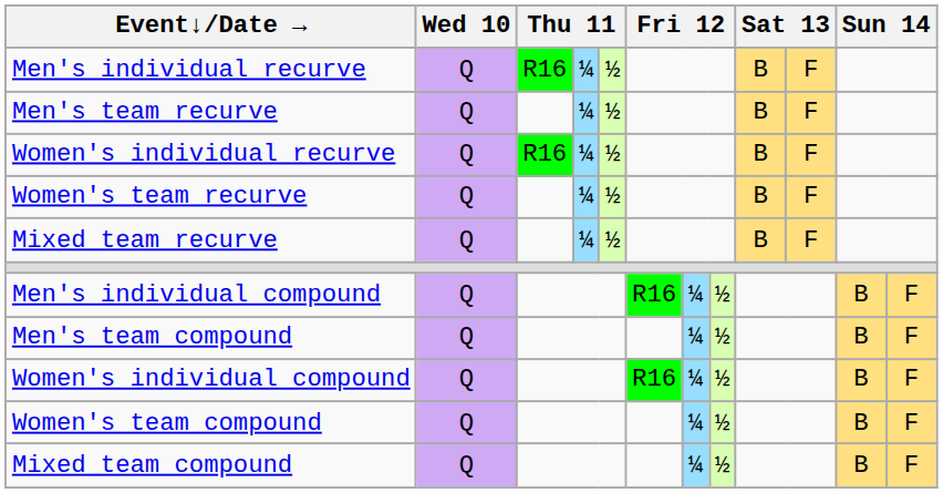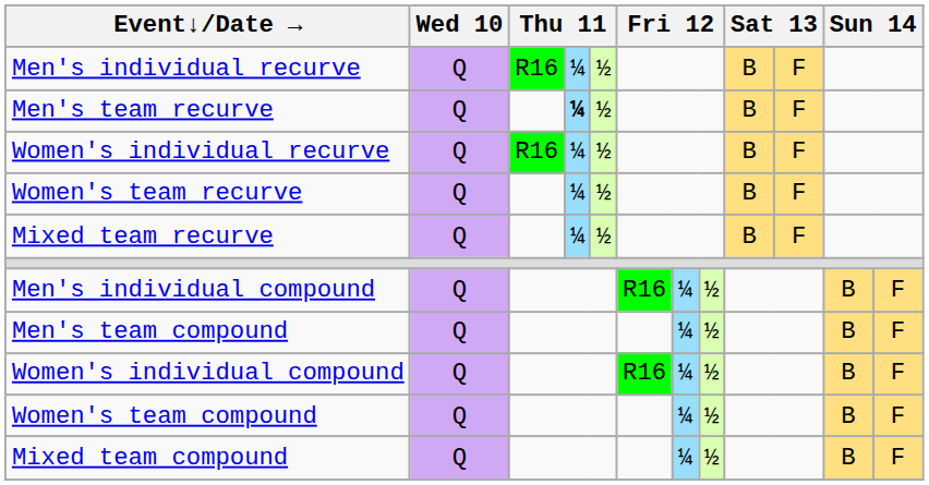 <table class="wikitable" style="margin:0.5em auto; font-size:90%; line-height:1.25em;">
 <tr style="text-align:center;">
 <th>Event↓/Date →</th>
 <th>Wed 10</th>
 <th colspan="3">Thu 11</th>
 <th colspan="3">Fri 12</th>
 <th colspan="2">Sat 13</th>
 <th colspan="2">Sun 14</th>
 </tr>
 <tr style="text-align:center;">
 <td style="text-align:left;"><a href='#'>Men's individual recurve</a></td>
 <td style="background-color:#D0A9F5;">Q</td>
 <td style="background-color:#00FF00;">R16</td>
 <td style="background-color:#97DEFF;">¼</td>
 <td style="background-color:#D9FFB2;">½</td>
 <td colspan="3"></td>
 <td style="background-color:#FFDF80;">B</td>
 <td style="background-color:#FFDF80;">F</td>
 <td colspan="2"></td>
 </tr>
 <tr style="text-align:center;">
 <td style="text-align:left;"><a href='#'>Men's team recurve</a></td>
 <td style="background-color:#D0A9F5;">Q</td>
 <td></td>
-<td style="background-color:#97DEFF;">¼</td>
+<td style="background-color:#97DEFF;"><strong>¼</strong></td>
 <td style="background-color:#D9FFB2;">½</td>
 <td colspan="3"></td>
 <td style="background-color:#FFDF80;">B</td>
 <td style="background-color:#FFDF80;">F</td>
 <td colspan="2"></td>
 </tr>
 <tr style="text-align:center;">
 <td style="text-align:left;"><a href='#'>Women's individual recurve</a></td>
 <td style="background-color:#D0A9F5;">Q</td>
 <td style="background-color:#00FF00;">R16</td>
 <td style="background-color:#97DEFF;">¼</td>
 <td style="background-color:#D9FFB2;">½</td>
 <td colspan="3"></td>
 <td style="background-color:#FFDF80;">B</td>
 <td style="background-color:#FFDF80;">F</td>
 <td colspan="2"></td>
 </tr>
 <tr style="text-align:center;">
 <td style="text-align:left;"><a href='#'>Women's team recurve</a></td>
 <td style="background-color:#D0A9F5;">Q</td>
 <td></td>
 <td style="background-color:#97DEFF;">¼</td>
 <td style="background-color:#D9FFB2;">½</td>
 <td colspan="3"></td>
 <td style="background-color:#FFDF80;">B</td>
 <td style="background-color:#FFDF80;">F</td>
 <td colspan="2"></td>
 </tr>
 <tr style="text-align:center;">
 <td style="text-align:left;"><a href='#'>Mixed team recurve</a></td>
 <td style="background-color:#D0A9F5;">Q</td>
 <td></td>
 <td style="background-color:#97DEFF;">¼</td>
 <td style="background-color:#D9FFB2;">½</td>
 <td colspan="3"></td>
 <td style="background-color:#FFDF80;">B</td>
 <td style="background-color:#FFDF80;">F</td>
 <td colspan="2"></td>
 </tr>
 <tr style="background-color:#dddddd;">
 <td colspan=14></td>
 </tr>
 <tr style="text-align:center;">
 <td style="text-align:left;"><a href='#'>Men's individual compound</a></td>
 <td style="background-color:#D0A9F5;">Q</td>
 <td colspan="3"></td>
 <td style="background-color:#00FF00;">R16</td>
 <td style="background-color:#97DEFF;">¼</td>
 <td style="background-color:#D9FFB2;">½</td>
 <td colspan="2"></td>
 <td style="background-color:#FFDF80;">B</td>
 <td style="background-color:#FFDF80;">F</td>
 </tr>
 <tr style="text-align:center;">
 <td style="text-align:left;"><a href='#'>Men's team compound</a></td>
 <td style="background-color:#D0A9F5;">Q</td>
 <td colspan="3"></td>
 <td></td>
 <td style="background-color:#97DEFF;">¼</td>
 <td style="background-color:#D9FFB2;">½</td>
 <td colspan="2"></td>
 <td style="background-color:#FFDF80;">B</td>
 <td style="background-color:#FFDF80;">F</td>
 </tr>
 <tr style="text-align:center;">
 <td style="text-align:left;"><a href='#'>Women's individual compound</a></td>
 <td style="background-color:#D0A9F5;">Q</td>
 <td colspan="3"></td>
 <td style="background-color:#00FF00;">R16</td>
 <td style="background-color:#97DEFF;">¼</td>
 <td style="background-color:#D9FFB2;">½</td>
 <td colspan="2"></td>
 <td style="background-color:#FFDF80;">B</td>
 <td style="background-color:#FFDF80;">F</td>
 </tr>
 <tr style="text-align:center;">
 <td style="text-align:left;"><a href='#'>Women's team compound</a></td>
 <td style="background-color:#D0A9F5;">Q</td>
 <td colspan="3"></td>
 <td></td>
 <td style="background-color:#97DEFF;">¼</td>
 <td style="background-color:#D9FFB2;">½</td>
 <td colspan="2"></td>
 <td style="background-color:#FFDF80;">B</td>
 <td style="background-color:#FFDF80;">F</td>
 </tr>
 <tr style="text-align:center;">
 <td style="text-align:left;"><a href='#'>Mixed team compound</a></td>
 <td style="background-color:#D0A9F5;">Q</td>
 <td colspan="3"></td>
 <td></td>
 <td style="background-color:#97DEFF;">¼</td>
 <td style="background-color:#D9FFB2;">½</td>
 <td colspan="2"></td>
 <td style="background-color:#FFDF80;">B</td>
 <td style="background-color:#FFDF80;">F</td>
 </tr>
 </table>
